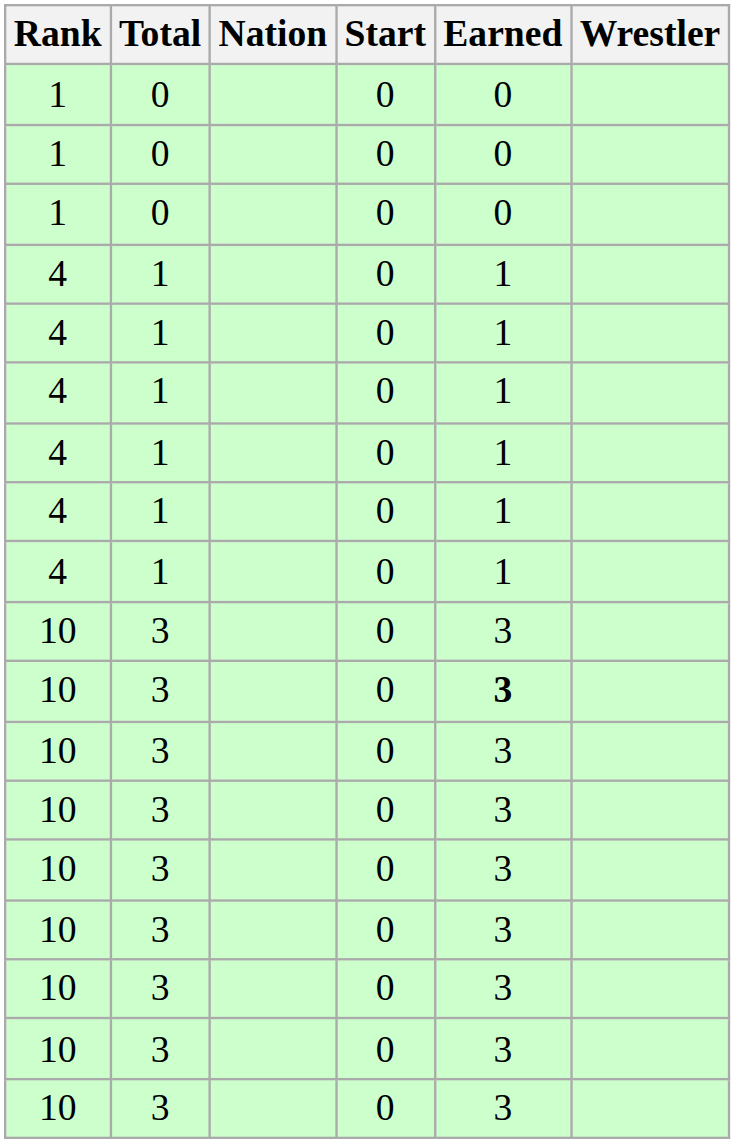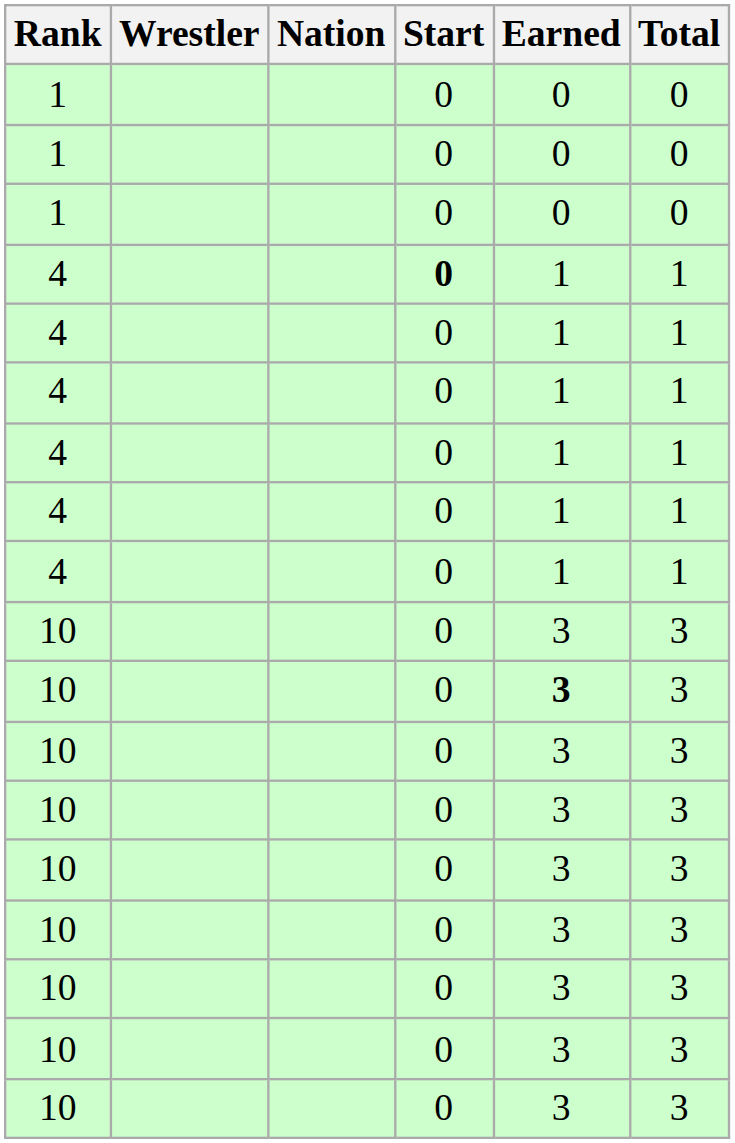 <table class="wikitable sortable" style="text-align:center;">
 <tr>
 <th>Rank</th>
-<th>Total</th>
+<th>Wrestler</th>
 <th>Nation</th>
 <th>Start</th>
 <th>Earned</th>
-<th>Wrestler</th>
+<th>Total</th>
 </tr>
 <tr style="background:#cfc;">
 <td>1</td>
-<td>0</td>
+<td align=left></td>
 <td align=left></td>
 <td>0</td>
 <td>0</td>
-<td align=left></td>
+<td>0</td>
 </tr>
 <tr style="background:#cfc;">
 <td>1</td>
-<td>0</td>
+<td align=left></td>
 <td align=left></td>
 <td>0</td>
 <td>0</td>
-<td align=left></td>
+<td>0</td>
 </tr>
 <tr style="background:#cfc;">
 <td>1</td>
-<td>0</td>
+<td align=left></td>
 <td align=left></td>
 <td>0</td>
 <td>0</td>
-<td align=left></td>
+<td>0</td>
 </tr>
 <tr style="background:#cfc;">
 <td>4</td>
+<td align=left></td>
+<td align=left></td>
+<td><strong>0</strong></td>
 <td>1</td>
+<td>1</td>
+</tr>
+<tr style="background:#cfc;">
+<td>4</td>
+<td align=left></td>
 <td align=left></td>
 <td>0</td>
 <td>1</td>
-<td align=left></td>
+<td>1</td>
 </tr>
 <tr style="background:#cfc;">
 <td>4</td>
-<td>1</td>
+<td align=left></td>
 <td align=left></td>
 <td>0</td>
 <td>1</td>
-<td align=left></td>
+<td>1</td>
 </tr>
 <tr style="background:#cfc;">
 <td>4</td>
-<td>1</td>
+<td align=left></td>
 <td align=left></td>
 <td>0</td>
 <td>1</td>
-<td align=left></td>
+<td>1</td>
 </tr>
 <tr style="background:#cfc;">
 <td>4</td>
-<td>1</td>
+<td align=left></td>
 <td align=left></td>
 <td>0</td>
 <td>1</td>
-<td align=left></td>
+<td>1</td>
 </tr>
 <tr style="background:#cfc;">
 <td>4</td>
-<td>1</td>
+<td align=left></td>
 <td align=left></td>
 <td>0</td>
 <td>1</td>
-<td align=left></td>
-</tr>
-<tr style="background:#cfc;">
-<td>4</td>
 <td>1</td>
-<td align=left></td>
-<td>0</td>
-<td>1</td>
-<td align=left></td>
 </tr>
 <tr style="background:#cfc;">
 <td>10</td>
-<td>3</td>
+<td align=left></td>
 <td align=left></td>
 <td>0</td>
 <td>3</td>
-<td align=left></td>
+<td>3</td>
 </tr>
 <tr style="background:#cfc;">
 <td>10</td>
-<td>3</td>
+<td align=left></td>
 <td align=left></td>
 <td>0</td>
 <td><strong>3</strong></td>
-<td align=left></td>
+<td>3</td>
 </tr>
 <tr style="background:#cfc;">
 <td>10</td>
-<td>3</td>
+<td align=left></td>
 <td align=left></td>
 <td>0</td>
 <td>3</td>
-<td align=left></td>
+<td>3</td>
 </tr>
 <tr style="background:#cfc;">
 <td>10</td>
-<td>3</td>
+<td align=left></td>
 <td align=left></td>
 <td>0</td>
 <td>3</td>
-<td align=left></td>
+<td>3</td>
 </tr>
 <tr style="background:#cfc;">
 <td>10</td>
-<td>3</td>
+<td align=left></td>
 <td align=left></td>
 <td>0</td>
 <td>3</td>
-<td align=left></td>
+<td>3</td>
 </tr>
 <tr style="background:#cfc;">
 <td>10</td>
-<td>3</td>
+<td align=left></td>
 <td align=left></td>
 <td>0</td>
 <td>3</td>
-<td align=left></td>
+<td>3</td>
 </tr>
 <tr style="background:#cfc;">
 <td>10</td>
-<td>3</td>
+<td align=left></td>
 <td align=left></td>
 <td>0</td>
 <td>3</td>
-<td align=left></td>
+<td>3</td>
 </tr>
 <tr style="background:#cfc;">
 <td>10</td>
-<td>3</td>
+<td align=left></td>
 <td align=left></td>
 <td>0</td>
 <td>3</td>
-<td align=left></td>
+<td>3</td>
 </tr>
 <tr style="background:#cfc;">
 <td>10</td>
-<td>3</td>
+<td align=left></td>
 <td align=left></td>
 <td>0</td>
 <td>3</td>
-<td align=left></td>
+<td>3</td>
 </tr>
 </table>
